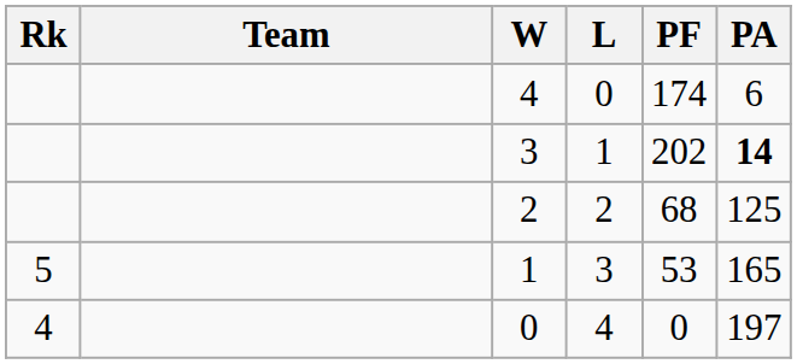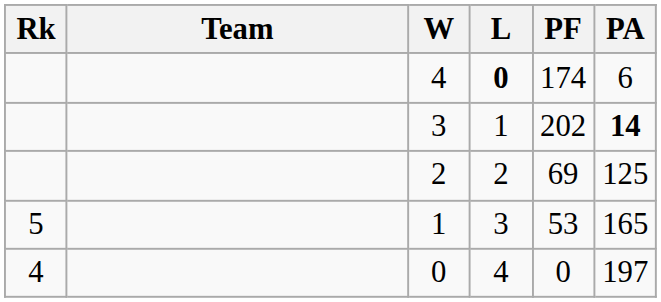 <table class=wikitable style=text-align:center>
 <tr>
 <th width=25>Rk</th>
 <th width=170>Team</th>
 <th width=25>W</th>
 <th width=25>L</th>
 <th width=25>PF</th>
 <th width=25>PA</th>
 </tr>
 <tr>
 <td></td>
 <td align=left></td>
 <td>4</td>
-<td>0</td>
+<td><strong>0</strong></td>
 <td>174</td>
 <td>6</td>
 </tr>
 <tr>
 <td></td>
 <td align=left></td>
 <td>3</td>
 <td>1</td>
 <td>202</td>
 <td><strong>14</strong></td>
 </tr>
 <tr>
 <td></td>
 <td align=left></td>
 <td>2</td>
 <td>2</td>
-<td>68</td>
+<td>69</td>
 <td>125</td>
 </tr>
 <tr>
 <td>5</td>
 <td align=left></td>
 <td>1</td>
 <td>3</td>
 <td>53</td>
 <td>165</td>
 </tr>
 <tr>
 <td>4</td>
 <td align=left></td>
 <td>0</td>
 <td>4</td>
 <td>0</td>
 <td>197</td>
 </tr>
 </table>
